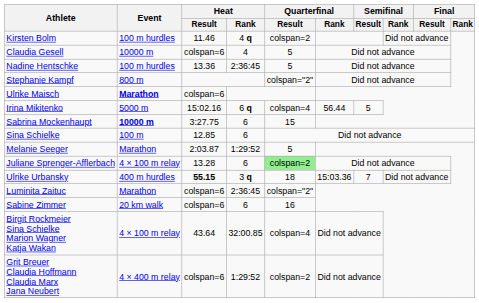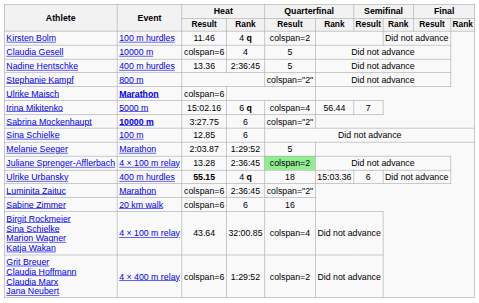 <table class=wikitable style="font-size:90%">
 <tr>
 <th rowspan="2">Athlete</th>
 <th rowspan="2">Event</th>
 <th colspan="2">Heat</th>
 <th colspan="2">Quarterfinal</th>
 <th colspan="2">Semifinal</th>
 <th colspan="2">Final</th>
 </tr>
 <tr style="font-size:95%">
 <th>Result</th>
 <th>Rank</th>
 <th>Result</th>
 <th>Rank</th>
 <th>Result</th>
 <th>Rank</th>
 <th>Result</th>
 <th>Rank</th>
 </tr>
 <tr align=center>
 <td align=left><a href='#'>Kirsten Bolm</a></td>
 <td align=left><a href='#'>100 m hurdles</a></td>
 <td>11.46</td>
 <td>4 <strong>q</strong></td>
 <td>colspan=2 </td>
 <td colspan=2></td>
 <td colspan=2>Did not advance</td>
 </tr>
 <tr align=center>
 <td align=left><a href='#'>Claudia Gesell</a></td>
 <td align=left><a href='#'>10000 m</a></td>
 <td>colspan=6 </td>
 <td>4</td>
 <td>5</td>
 <td colspan=4>Did not advance</td>
 </tr>
 <tr align=center>
 <td align=left><a href='#'>Nadine Hentschke</a></td>
-<td align=left><a href='#'>100 m hurdles</a></td>
+<td align=left><a href='#'>400 m hurdles</a></td>
 <td>13.36</td>
 <td>2:36:45</td>
 <td>5</td>
 <td colspan=4>Did not advance</td>
 </tr>
 <tr align=center>
 <td align=left><a href='#'>Stephanie Kampf</a></td>
 <td align=left><a href='#'>800 m</a></td>
 <td colspan=2></td>
 <td>colspan="2" </td>
 <td colspan=4>Did not advance</td>
 </tr>
 <tr align=center>
 <td align=left><a href='#'>Ulrike Maisch</a></td>
 <td align=left><strong><a href='#'>Marathon</a></strong></td>
 <td>colspan=6 </td>
 <td colspan=2></td>
 </tr>
 <tr align=center>
 <td align=left><a href='#'>Irina Mikitenko</a></td>
 <td align=left><a href='#'>5000 m</a></td>
 <td>15:02.16</td>
 <td>6 <strong>q</strong></td>
 <td>colspan=4 </td>
 <td>56.44</td>
-<td>5</td>
+<td>7</td>
 </tr>
 <tr align=center>
 <td align=left><a href='#'>Sabrina Mockenhaupt</a></td>
 <td align=left><strong><a href='#'>10000 m</a></strong></td>
 <td>3:27.75</td>
 <td>6</td>
-<td>15</td>
+<td>colspan="2" </td>
 </tr>
 <tr align=center>
 <td align=left><a href='#'>Sina Schielke</a></td>
 <td align=left><a href='#'>100 m</a></td>
 <td>12.85</td>
 <td>6</td>
 <td colspan=6>Did not advance</td>
 </tr>
 <tr align=center>
 <td align=left><a href='#'>Melanie Seeger</a></td>
 <td align=left><a href='#'>Marathon</a></td>
 <td>2:03.87</td>
 <td>1:29:52</td>
 <td>5</td>
 </tr>
 <tr align=center>
 <td align=left><a href='#'>Juliane Sprenger-Afflerbach</a></td>
 <td align=left><a href='#'>4 × 100 m relay</a></td>
 <td>13.28</td>
-<td>6</td>
+<td>2:36:45</td>
 <td style="background: lightgreen;">colspan=2 </td>
 <td colspan=4>Did not advance</td>
 </tr>
 <tr align=center>
 <td align=left><a href='#'>Ulrike Urbansky</a></td>
 <td align=left><a href='#'>400 m hurdles</a></td>
 <td><strong>55.15</strong></td>
-<td>3 <strong>q</strong></td>
+<td>4 <strong>q</strong></td>
 <td>18</td>
 <td>15:03.36</td>
-<td>7</td>
+<td>6</td>
 <td colspan=2>Did not advance</td>
 </tr>
 <tr align=center>
 <td align=left><a href='#'>Luminita Zaituc</a></td>
 <td align=left><a href='#'>Marathon</a></td>
 <td>colspan=6 </td>
 <td>2:36:45</td>
 <td>colspan="2" </td>
 </tr>
 <tr align=center>
 <td align=left><a href='#'>Sabine Zimmer</a></td>
 <td align=left><a href='#'>20 km walk</a></td>
 <td>colspan=6 </td>
 <td>6</td>
 <td>16</td>
 </tr>
 <tr align=center>
 <td align=left><a href='#'>Birgit Rockmeier</a><br><a href='#'>Sina Schielke</a><br><a href='#'>Marion Wagner</a><br><a href='#'>Katja Wakan</a></td>
 <td align=left><a href='#'>4 × 100 m relay</a></td>
 <td>43.64</td>
 <td>32:00.85</td>
 <td>colspan=4 </td>
 <td colspan=2>Did not advance</td>
 </tr>
 <tr align=center>
 <td align=left><a href='#'>Grit Breuer</a><br><a href='#'>Claudia Hoffmann</a><br><a href='#'>Claudia Marx</a><br><a href='#'>Jana Neubert</a></td>
 <td align=left><a href='#'>4 × 400 m relay</a></td>
 <td>colspan=6 </td>
 <td>1:29:52</td>
 <td>colspan=2 </td>
 <td colspan=2>Did not advance</td>
 </tr>
 </table>
